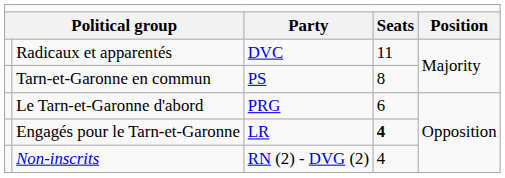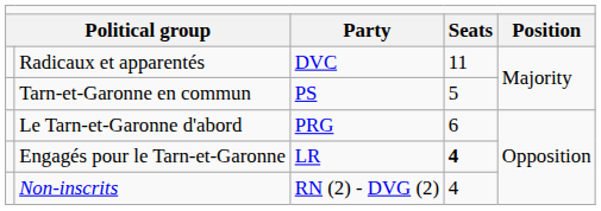 <table class="wikitable">
 <tr>
 <td colspan="5"></td>
 </tr>
 <tr>
 <th colspan="2">Political group</th>
 <th>Party</th>
 <th>Seats</th>
 <th>Position</th>
 </tr>
 <tr>
 <td style="background:"></td>
 <td>Radicaux et apparentés</td>
 <td><a href='#'>DVC</a></td>
 <td>11</td>
 <td rowspan="2">Majority</td>
 </tr>
 <tr>
 <td style="background:"></td>
 <td>Tarn-et-Garonne en commun</td>
 <td><a href='#'>PS</a></td>
-<td>8</td>
+<td>5</td>
 </tr>
 <tr>
 <td style="background:"></td>
 <td>Le Tarn-et-Garonne d'abord</td>
 <td><a href='#'>PRG</a></td>
 <td>6</td>
 <td rowspan="3">Opposition</td>
 </tr>
 <tr>
 <td style="background:"></td>
 <td>Engagés pour le Tarn-et-Garonne</td>
 <td><a href='#'>LR</a></td>
 <td><strong>4</strong></td>
 </tr>
 <tr>
 <td style="background:"></td>
 <td><a href='#'><em>Non-inscrits</em></a></td>
 <td><a href='#'>RN</a> (2) - <a href='#'>DVG</a> (2)</td>
 <td>4</td>
 </tr>
 </table>
